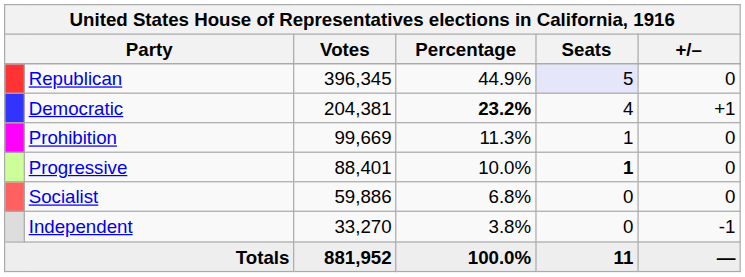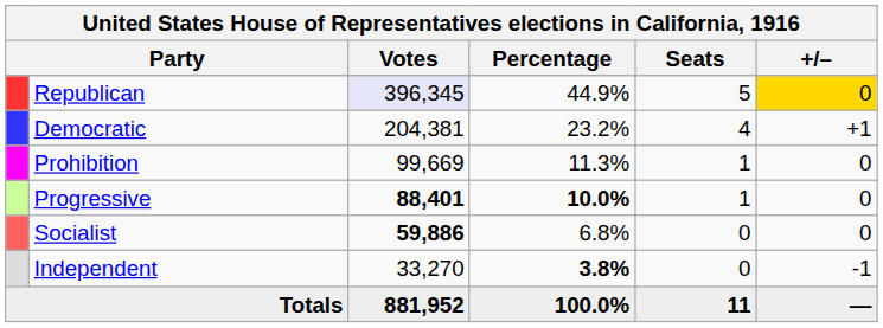 <table class="wikitable" style="font-size: 95%;">
 <tr>
 <th colspan="6">United States House of Representatives elections in California, 1916</th>
 </tr>
 <tr>
 <th colspan=2 style="width: 15em">Party</th>
 <th style="width: 5em">Votes</th>
 <th style="width: 7em">Percentage</th>
 <th style="width: 5em">Seats</th>
 <th style="width: 5em">+/–</th>
 </tr>
 <tr>
 </tr>
 <tr>
 <th style="background-color:#FF3333; width: 3px"></th>
 <td style="width: 130px"><a href='#'>Republican</a></td>
-<td style="text-align:right;">396,345</td>
+<td style="background: lavender; text-align:right;">396,345</td>
 <td style="text-align:right;">44.9%</td>
-<td style="background: lavender; text-align:right;">5</td>
-<td style="text-align:right;">0</td>
+<td style="text-align:right;">5</td>
+<td style="background: gold; text-align:right;">0</td>
 </tr>
 <tr>
 <th style="background-color:#3333FF; width: 3px"></th>
 <td style="width: 130px"><a href='#'>Democratic</a></td>
 <td style="text-align:right;">204,381</td>
-<td style="text-align:right;"><strong>23.2%</strong></td>
+<td style="text-align:right;">23.2%</td>
 <td style="text-align:right;">4</td>
 <td style="text-align:right;">+1</td>
 </tr>
 <tr>
 <th style="background-color:#FF00FF; width: 3px"></th>
 <td style="width: 130px"><a href='#'>Prohibition</a></td>
 <td style="text-align:right;">99,669</td>
 <td style="text-align:right;">11.3%</td>
 <td style="text-align:right;">1</td>
 <td style="text-align:right;">0</td>
 </tr>
 <tr>
 <th style="background-color:#CCFF99; width: 3px"></th>
 <td style="width: 130px"><a href='#'>Progressive</a></td>
-<td style="text-align:right;">88,401</td>
-<td style="text-align:right;">10.0%</td>
-<td style="text-align:right;"><strong>1</strong></td>
+<td style="text-align:right;"><strong>88,401</strong></td>
+<td style="text-align:right;"><strong>10.0%</strong></td>
+<td style="text-align:right;">1</td>
 <td style="text-align:right;">0</td>
 </tr>
 <tr>
 <th style="background-color:#FF6060; width: 3px"></th>
 <td style="width: 130px"><a href='#'>Socialist</a></td>
-<td style="text-align:right;">59,886</td>
+<td style="text-align:right;"><strong>59,886</strong></td>
 <td style="text-align:right;">6.8%</td>
 <td style="text-align:right;">0</td>
 <td style="text-align:right;">0</td>
 </tr>
 <tr>
 <th style="background-color:#DDDDDD; width: 3px"></th>
 <td style="width: 130px"><a href='#'>Independent</a></td>
 <td style="text-align:right;">33,270</td>
-<td style="text-align:right;">3.8%</td>
+<td style="text-align:right;"><strong>3.8%</strong></td>
 <td style="text-align:right;">0</td>
 <td style="text-align:right;">-1</td>
 </tr>
 <tr style="background-color:#EEEEEE;">
 <td colspan="2" align="right"><strong>Totals</strong></td>
 <td style="text-align:right;"><strong>881,952</strong></td>
 <td style="text-align:right;"><strong>100.0%</strong></td>
 <td style="text-align:right;"><strong>11</strong></td>
 <td style="text-align:right;"><strong>—</strong></td>
 </tr>
 </table>
